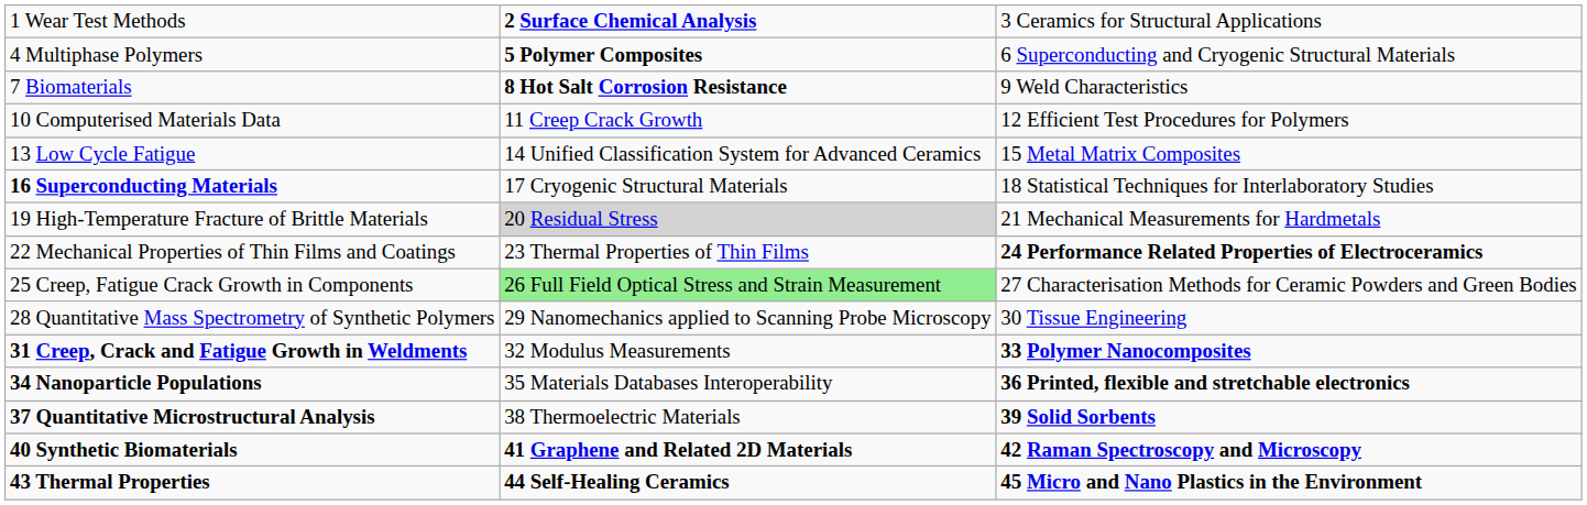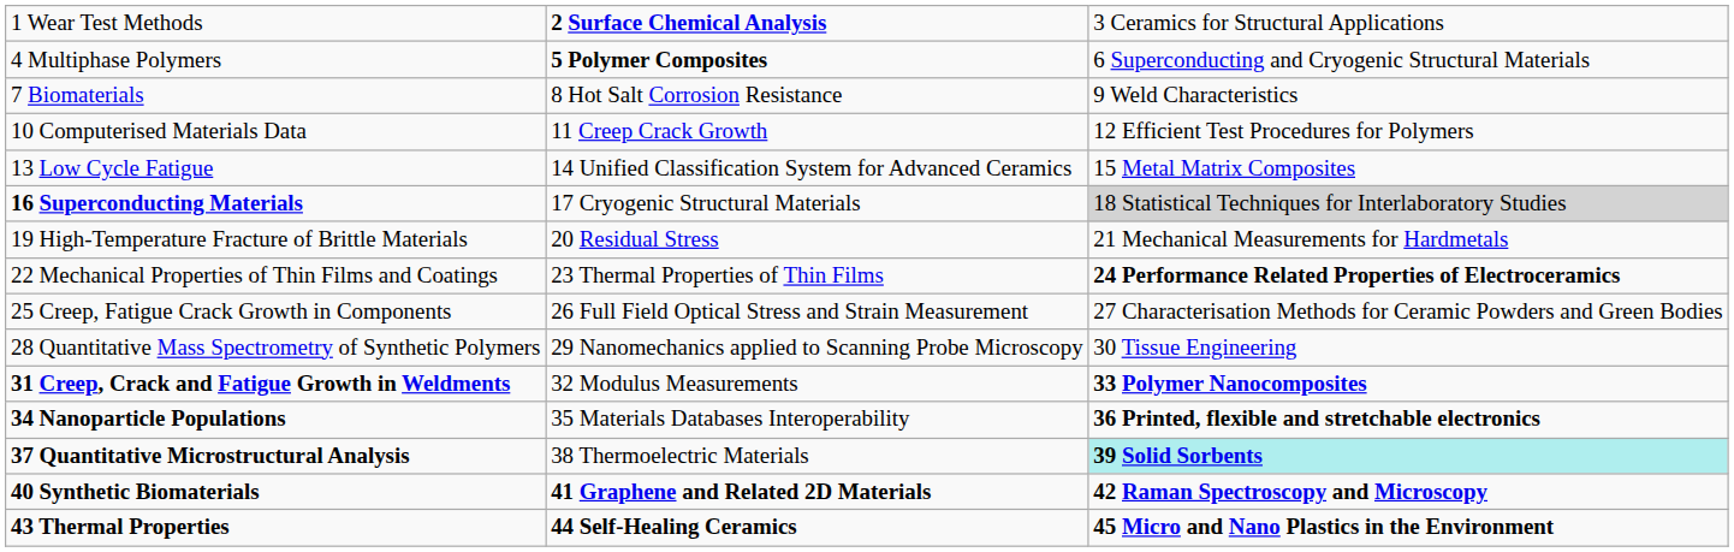 <table class="wikitable">
 <tr>
 <td>1    Wear Test Methods</td>
 <td><strong>2    <a href='#'>Surface Chemical Analysis</a></strong></td>
 <td>3    Ceramics for Structural  Applications</td>
 </tr>
 <tr>
 <td>4     Multiphase Polymers</td>
 <td><strong>5    Polymer Composites</strong></td>
 <td>6    <a href='#'>Superconducting</a> and  Cryogenic Structural Materials</td>
 </tr>
 <tr>
 <td>7     <a href='#'>Biomaterials</a></td>
-<td><strong>8    Hot Salt <a href='#'>Corrosion</a>  Resistance</strong></td>
+<td>8    Hot Salt <a href='#'>Corrosion</a>  Resistance</td>
 <td>9    Weld Characteristics</td>
 </tr>
 <tr>
 <td>10    Computerised Materials  Data</td>
 <td>11   <a href='#'>Creep Crack Growth</a></td>
 <td>12    Efficient Test Procedures  for Polymers</td>
 </tr>
 <tr>
 <td>13    <a href='#'>Low Cycle Fatigue</a></td>
 <td>14   Unified Classification  System for Advanced Ceramics</td>
 <td>15    <a href='#'>Metal Matrix Composites</a></td>
 </tr>
 <tr>
 <td><strong>16   <a href='#'>Superconducting Materials</a></strong></td>
 <td>17   Cryogenic Structural Materials</td>
-<td>18    Statistical Techniques  for Interlaboratory Studies</td>
+<td style="background: lightgrey;">18    Statistical Techniques  for Interlaboratory Studies</td>
 </tr>
 <tr>
 <td>19    High-Temperature Fracture  of Brittle Materials</td>
-<td style="background: lightgrey;">20   <a href='#'>Residual Stress</a></td>
+<td>20   <a href='#'>Residual Stress</a></td>
 <td>21    Mechanical Measurements  for <a href='#'>Hardmetals</a></td>
 </tr>
 <tr>
 <td>22   Mechanical Properties of  Thin Films and Coatings</td>
 <td>23   Thermal Properties of  <a href='#'>Thin Films</a></td>
 <td><strong>24   Performance Related Properties of Electroceramics</strong></td>
 </tr>
 <tr>
 <td>25    Creep, Fatigue Crack  Growth in Components</td>
-<td style="background: lightgreen;">26   Full Field Optical Stress  and Strain Measurement</td>
+<td>26   Full Field Optical Stress  and Strain Measurement</td>
 <td>27    Characterisation Methods  for Ceramic Powders and Green Bodies</td>
 </tr>
 <tr>
 <td>28   Quantitative <a href='#'>Mass Spectrometry</a> of Synthetic Polymers</td>
 <td>29   Nanomechanics applied to  Scanning Probe Microscopy</td>
 <td>30    <a href='#'>Tissue Engineering</a></td>
 </tr>
 <tr>
 <td><strong>31    <a href='#'>Creep</a>, Crack and <a href='#'>Fatigue</a> Growth in <a href='#'>Weldments</a></strong></td>
 <td>32   Modulus Measurements</td>
 <td><strong>33    <a href='#'>Polymer Nanocomposites</a></strong></td>
 </tr>
 <tr>
 <td><strong>34    Nanoparticle Populations</strong></td>
 <td>35   Materials Databases  Interoperability</td>
 <td><strong>36    Printed, flexible and stretchable  electronics</strong></td>
 </tr>
 <tr>
 <td><strong>37    Quantitative Microstructural Analysis</strong></td>
 <td>38    Thermoelectric Materials</td>
-<td><strong>39    <a href='#'>Solid Sorbents</a></strong></td>
+<td style="background: paleturquoise;"><strong>39    <a href='#'>Solid Sorbents</a></strong></td>
 </tr>
 <tr>
 <td><strong>40    Synthetic Biomaterials</strong></td>
 <td><strong>41    <a href='#'>Graphene</a> and Related 2D Materials</strong></td>
 <td><strong>42    <a href='#'>Raman Spectroscopy</a> and <a href='#'>Microscopy</a></strong></td>
 </tr>
 <tr>
 <td><strong>43    Thermal Properties</strong></td>
 <td><strong>44    Self-Healing Ceramics</strong></td>
 <td><strong>45    <a href='#'>Micro</a> and <a href='#'>Nano</a> Plastics in the Environment</strong></td>
 </tr>
 </table>
